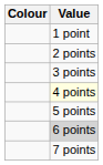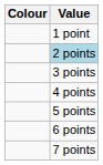 <table class="wikitable floatright">
 <tr>
 <th>Colour</th>
 <th>Value</th>
 </tr>
 <tr>
 <td> </td>
 <td>1 point</td>
 </tr>
 <tr>
 <td> </td>
-<td>2 points</td>
+<td style="background: lightblue;">2 points</td>
 </tr>
 <tr>
 <td> </td>
 <td>3 points</td>
 </tr>
 <tr>
 <td> </td>
-<td style="background: lightyellow;">4 points</td>
+<td>4 points</td>
 </tr>
 <tr>
 <td> </td>
 <td>5 points</td>
 </tr>
 <tr>
 <td> </td>
-<td style="background: lightgrey;">6 points</td>
+<td>6 points</td>
 </tr>
 <tr>
 <td> </td>
 <td>7 points</td>
 </tr>
 </table>
